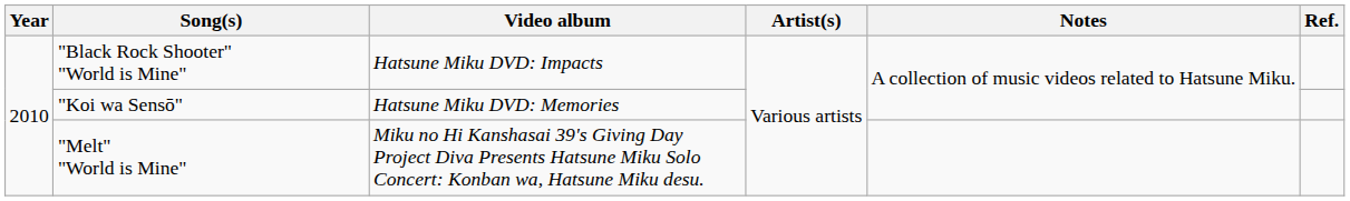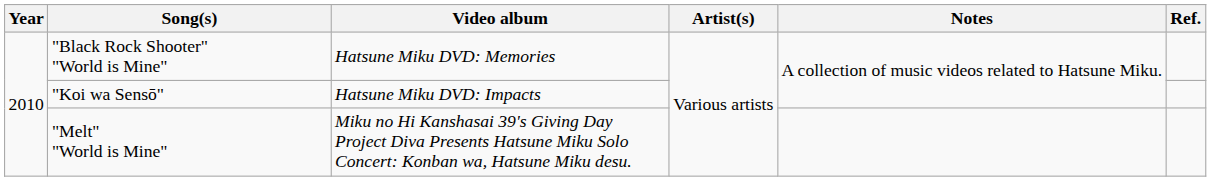 <table class="wikitable" border="1">
 <tr>
 <th rowspan="1">Year</th>
 <th rowspan="1" width="250">Song(s)</th>
 <th rowspan="1" width="300">Video album</th>
 <th rowspan="1">Artist(s)</th>
 <th rowspan="1">Notes</th>
 <th rowspan="1">Ref.</th>
 </tr>
 <tr>
 <td rowspan="3">2010</td>
 <td>"Black Rock Shooter"<br>"World is Mine"</td>
-<td><em>Hatsune Miku DVD: Impacts</em></td>
+<td><em>Hatsune Miku DVD: Memories</em></td>
 <td rowspan="3">Various artists</td>
 <td rowspan="2">A collection of music videos related to Hatsune Miku.</td>
 <td align="center"></td>
 </tr>
 <tr>
 <td>"Koi wa Sensō"</td>
-<td><em>Hatsune Miku DVD: Memories</em></td>
+<td><em>Hatsune Miku DVD: Impacts</em></td>
 <td align="center"></td>
 </tr>
 <tr>
 <td>"Melt"<br>"World is Mine"</td>
 <td><em>Miku no Hi Kanshasai 39's Giving Day Project Diva Presents Hatsune Miku Solo Concert: Konban wa, Hatsune Miku desu.</em></td>
 <td></td>
 <td align="center"></td>
 </tr>
 </table>
